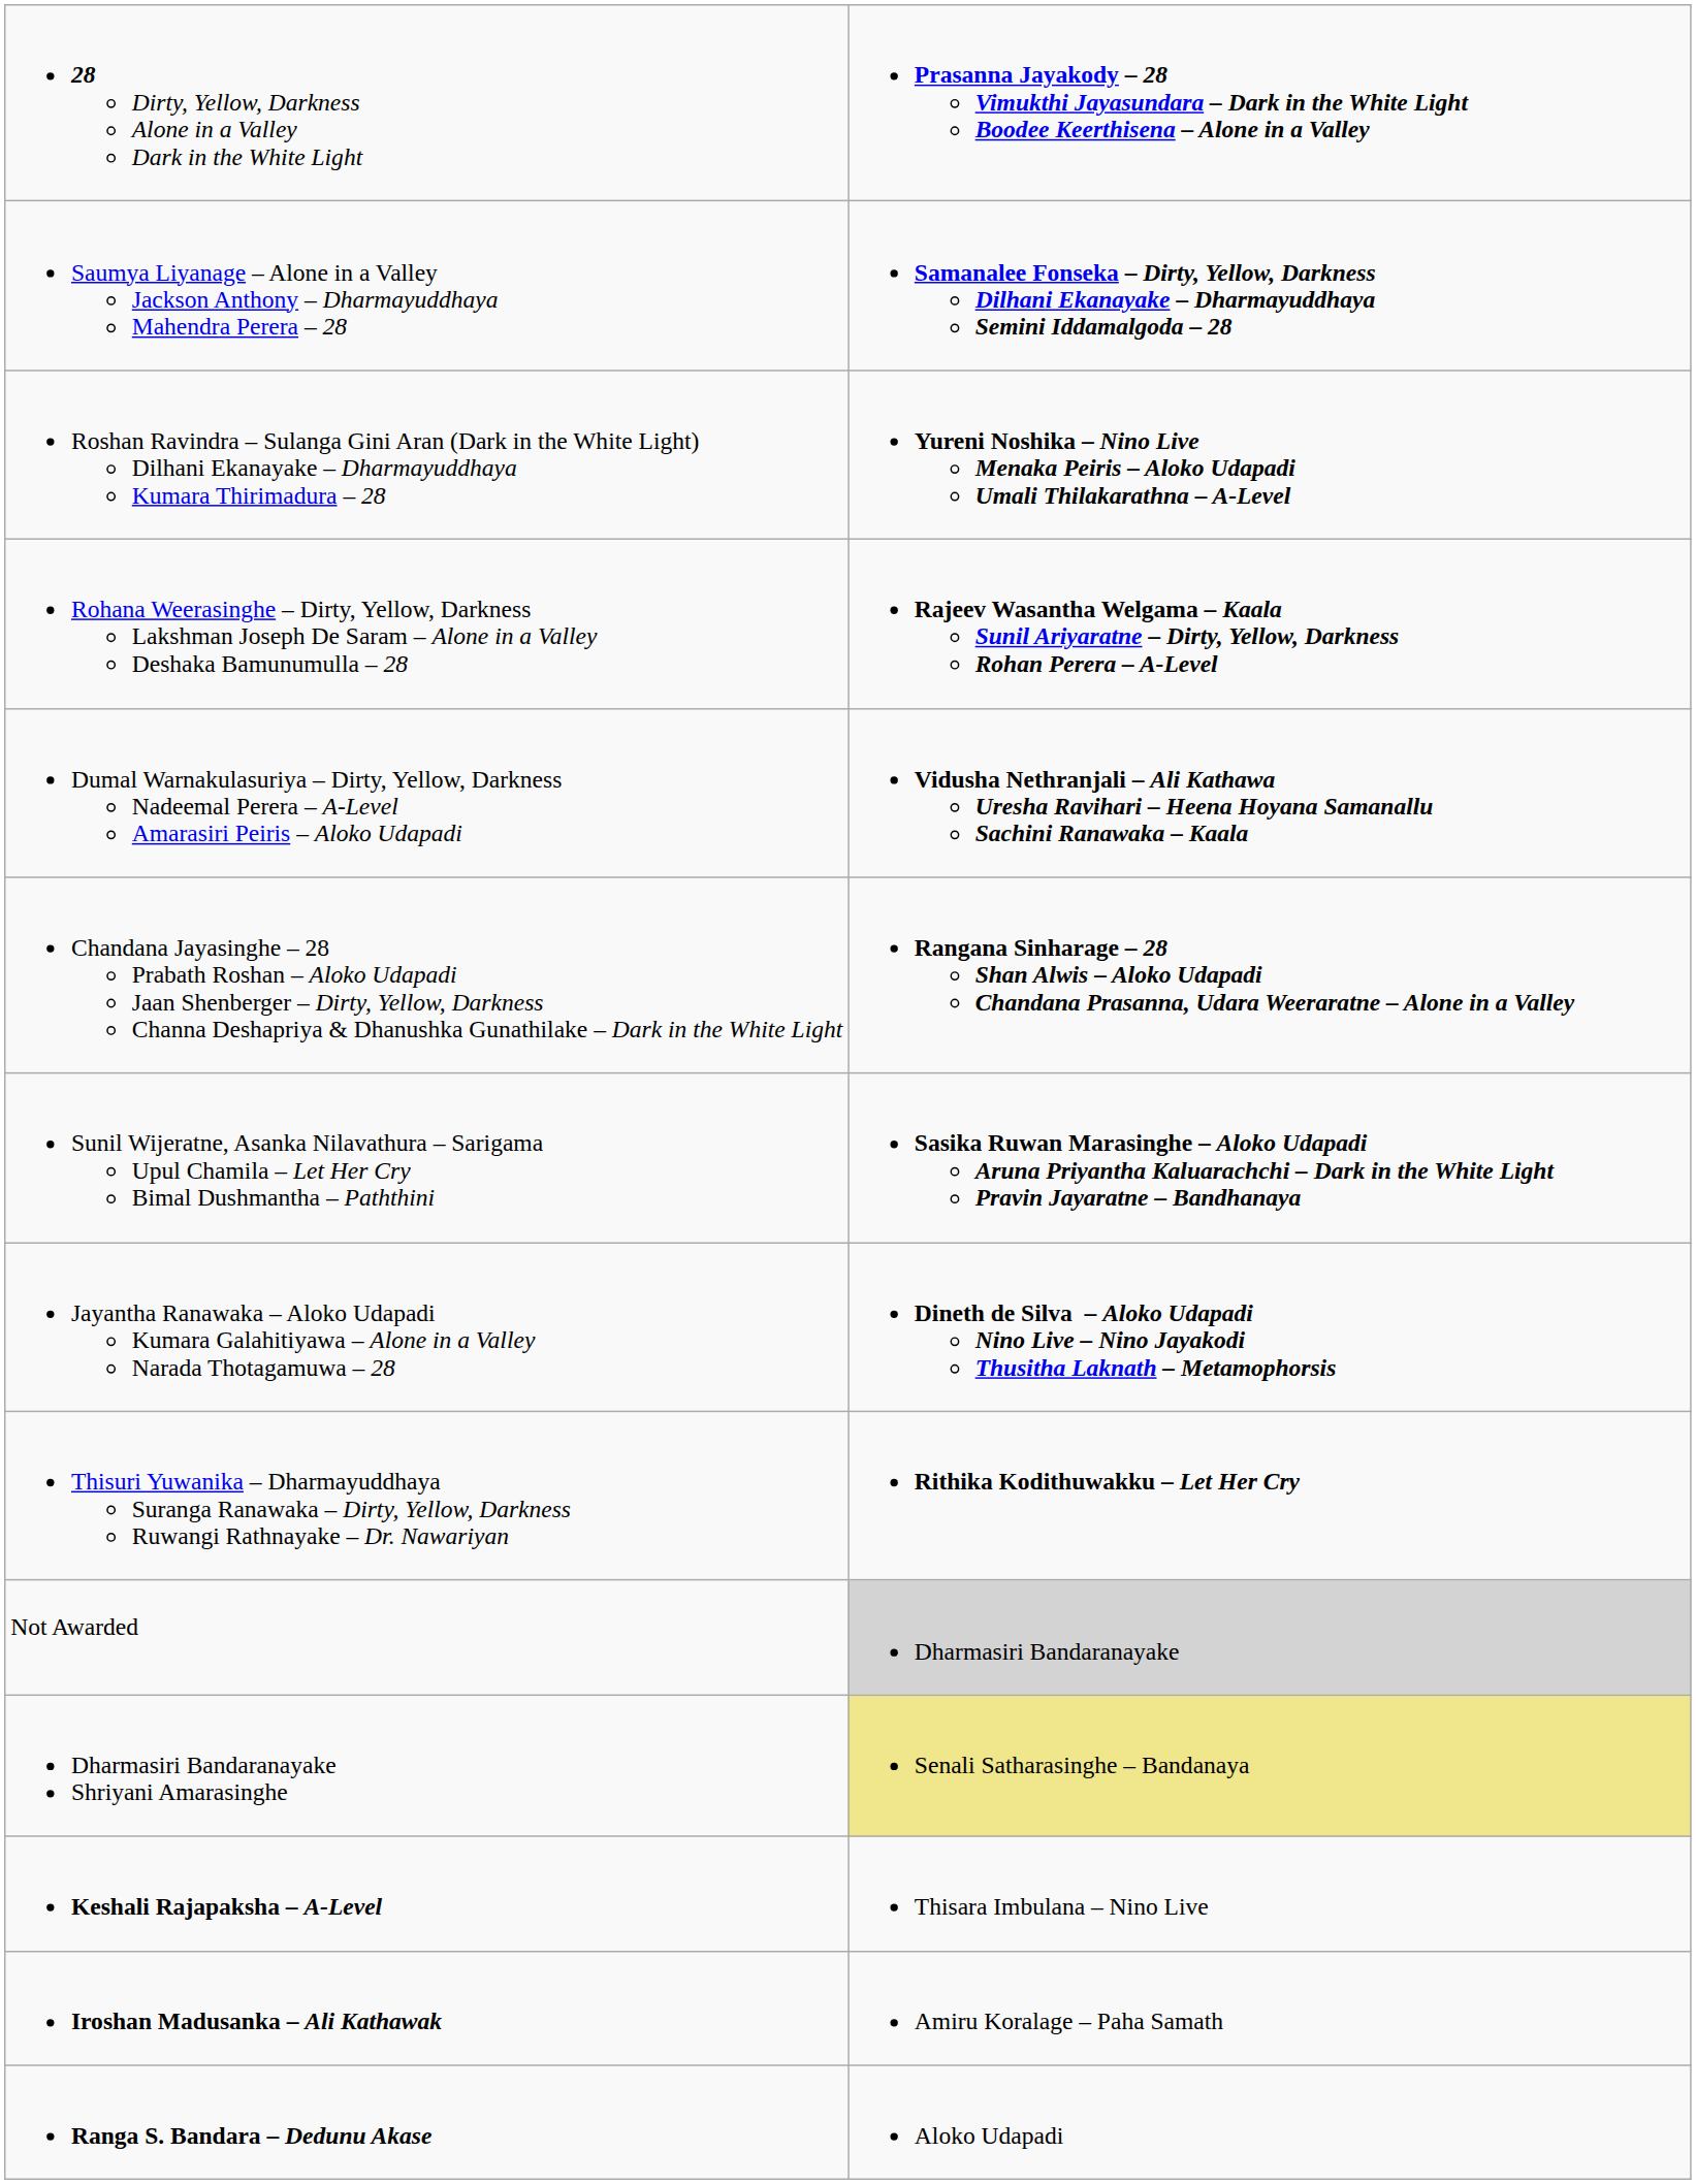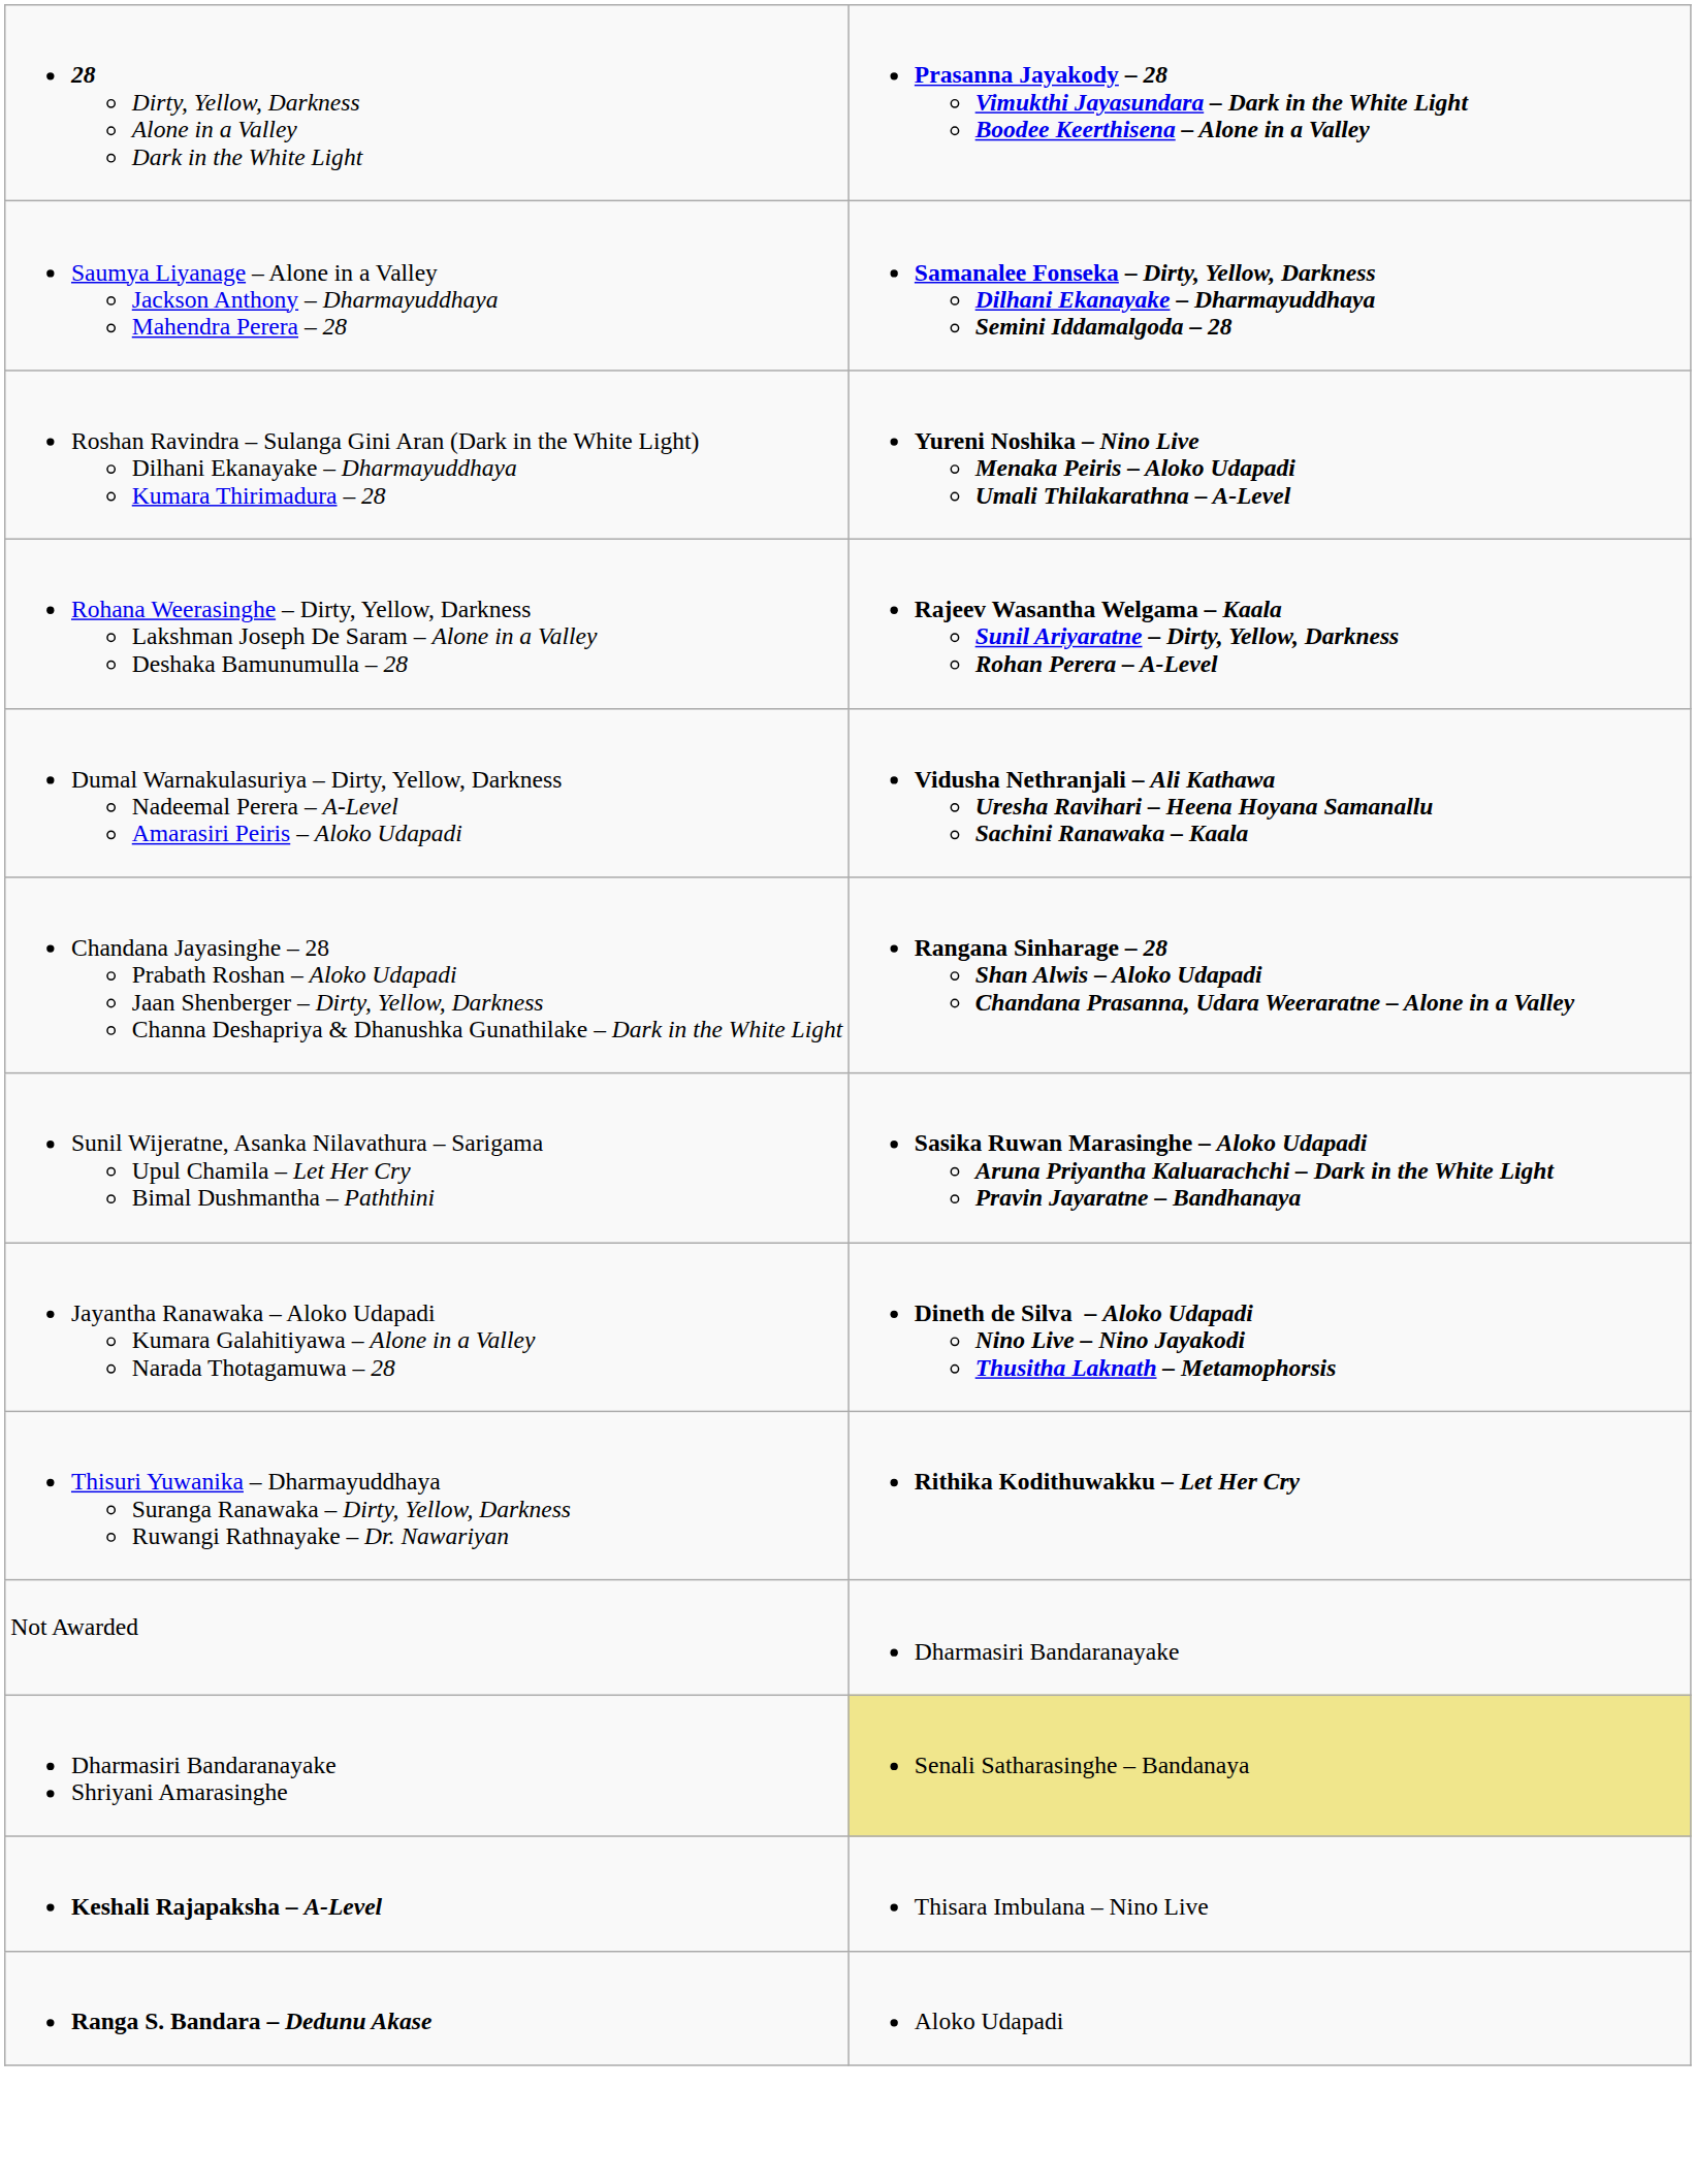 <table class=wikitable>
 <tr>
 <td style="vertical-align:top; width:50%;"><br><ul><li><strong><em>28</em></strong> <ul><li><em>Dirty, Yellow, Darkness</em> </li><li><em>Alone in a Valley</em> </li><li><em>Dark in the White Light</em> </li></ul></li></ul></td>
 <td style="vertical-align:top; width:50%;"><br><ul><li><strong><a href='#'>Prasanna Jayakody</a> – <em>28<strong><em><ul><li><a href='#'>Vimukthi Jayasundara</a> – </em>Dark in the White Light<em></li><li><a href='#'>Boodee Keerthisena</a> – </em>Alone in a Valley<em></li></ul></li></ul></td>
 </tr>
 <tr>
 <td style="vertical-align:top; width:50%;"><br><ul><li></strong><a href='#'>Saumya Liyanage</a> – </em>Alone in a Valley</em></strong><ul><li><a href='#'>Jackson Anthony</a> – <em>Dharmayuddhaya</em></li><li><a href='#'>Mahendra Perera</a> – <em>28</em></li></ul></li></ul></td>
 <td style="vertical-align:top; width:50%;"><br><ul><li><strong><a href='#'>Samanalee Fonseka</a> – <em>Dirty, Yellow, Darkness<strong><em><ul><li><a href='#'>Dilhani Ekanayake</a> – </em>Dharmayuddhaya<em></li><li>Semini Iddamalgoda – </em>28<em></li></ul></li></ul></td>
 </tr>
 <tr>
 <td style="vertical-align:top; width:50%;"><br><ul><li></strong>Roshan Ravindra – </em>Sulanga Gini Aran (Dark in the White Light)</em></strong><ul><li>Dilhani Ekanayake – <em>Dharmayuddhaya</em></li><li><a href='#'>Kumara Thirimadura</a> – <em>28</em></li></ul></li></ul></td>
 <td style="vertical-align:top; width:50%;"><br><ul><li><strong>Yureni Noshika – <em>Nino Live<strong><em><ul><li>Menaka Peiris – </em>Aloko Udapadi<em></li><li>Umali Thilakarathna – </em>A-Level<em></li></ul></li></ul></td>
 </tr>
 <tr>
 <td style="vertical-align:top; width:50%;"><br><ul><li></strong><a href='#'>Rohana Weerasinghe</a> – </em>Dirty, Yellow, Darkness</em></strong><ul><li>Lakshman Joseph De Saram – <em>Alone in a Valley</em></li><li>Deshaka Bamunumulla – <em>28</em></li></ul></li></ul></td>
 <td style="vertical-align:top; width:50%;"><br><ul><li><strong>Rajeev Wasantha Welgama – <em>Kaala<strong><em><ul><li><a href='#'>Sunil Ariyaratne</a> – </em>Dirty, Yellow, Darkness<em></li><li>Rohan Perera – </em>A-Level<em></li></ul></li></ul></td>
 </tr>
 <tr>
 <td style="vertical-align:top; width:50%;"><br><ul><li></strong>Dumal Warnakulasuriya – </em>Dirty, Yellow, Darkness</em></strong><ul><li>Nadeemal Perera – <em>A-Level</em></li><li><a href='#'>Amarasiri Peiris</a> – <em>Aloko Udapadi</em></li></ul></li></ul></td>
 <td style="vertical-align:top; width:50%;"><br><ul><li><strong>Vidusha Nethranjali – <em>Ali Kathawa<strong><em><ul><li>Uresha Ravihari – </em>Heena Hoyana Samanallu<em></li><li>Sachini Ranawaka – </em>Kaala<em></li></ul></li></ul></td>
 </tr>
 <tr>
 <td style="vertical-align:top; width:50%;"><br><ul><li></strong>Chandana Jayasinghe – </em>28</em></strong><ul><li>Prabath Roshan – <em>Aloko Udapadi</em></li><li>Jaan Shenberger – <em>Dirty, Yellow, Darkness</em></li><li>Channa Deshapriya & Dhanushka Gunathilake – <em>Dark in the White Light</em></li></ul></li></ul></td>
 <td style="vertical-align:top; width:50%;"><br><ul><li><strong>Rangana Sinharage – <em>28<strong><em><ul><li>Shan Alwis – </em>Aloko Udapadi<em></li><li>Chandana Prasanna, Udara Weeraratne – </em>Alone in a Valley<em></li></ul></li></ul></td>
 </tr>
 <tr>
 <td style="vertical-align:top; width:50%;"><br><ul><li></strong>Sunil Wijeratne, Asanka Nilavathura – </em>Sarigama</em></strong><ul><li>Upul Chamila – <em>Let Her Cry</em></li><li>Bimal Dushmantha – <em>Paththini</em></li></ul></li></ul></td>
 <td style="vertical-align:top; width:50%;"><br><ul><li><strong>Sasika Ruwan Marasinghe – <em>Aloko Udapadi<strong><em><ul><li>Aruna Priyantha Kaluarachchi – </em>Dark in the White Light<em></li><li>Pravin Jayaratne – </em>Bandhanaya<em></li></ul></li></ul></td>
 </tr>
 <tr>
 <td style="vertical-align:top; width:50%;"><br><ul><li></strong>Jayantha Ranawaka – </em>Aloko Udapadi</em></strong><ul><li>Kumara Galahitiyawa – <em>Alone in a Valley</em></li><li>Narada Thotagamuwa – <em>28</em></li></ul></li></ul></td>
 <td style="vertical-align:top; width:50%;"><br><ul><li><strong>Dineth de Silva  – <em>Aloko Udapadi<strong><em><ul><li>Nino Live – </em>Nino Jayakodi<em></li><li><a href='#'>Thusitha Laknath</a> – </em>Metamophorsis<em></li></ul></li></ul></td>
 </tr>
 <tr>
 <td style="vertical-align:top; width:50%;"><br><ul><li></strong><a href='#'>Thisuri Yuwanika</a> – </em>Dharmayuddhaya</em></strong><ul><li>Suranga Ranawaka – <em>Dirty, Yellow, Darkness</em></li><li>Ruwangi Rathnayake – <em>Dr. Nawariyan</em></li></ul></li></ul></td>
 <td style="vertical-align:top; width:50%;"><br><ul><li><strong>Rithika Kodithuwakku – <em>Let Her Cry<strong><em></li></ul></td>
 </tr>
 <tr>
 <td style="vertical-align:top; width:50%;"><br> Not Awarded</td>
-<td style="background: lightgrey; vertical-align:top; width:50%;"><br><ul><li></strong>Dharmasiri Bandaranayake<strong></li></ul></td>
+<td style="vertical-align:top; width:50%;"><br><ul><li></strong>Dharmasiri Bandaranayake<strong></li></ul></td>
 </tr>
 <tr>
 <td style="vertical-align:top; width:50%;"><br><ul><li></strong>Dharmasiri Bandaranayake<strong></li><li></strong>Shriyani Amarasinghe<strong></li></ul></td>
 <td style="background: khaki; vertical-align:top; width:50%;"><br><ul><li></strong>Senali Satharasinghe – </em>Bandanaya</em></strong></li></ul></td>
 </tr>
 <tr>
 <td style="vertical-align:top; width:50%;"><br><ul><li><strong>Keshali Rajapaksha – <em>A-Level<strong><em></li></ul></td>
 <td style="vertical-align:top; width:50%;"><br><ul><li></strong>Thisara Imbulana – </em>Nino Live</em></strong></li></ul></td>
 </tr>
 <tr>
-<td style="vertical-align:top; width:50%;"><br><ul><li><strong>Iroshan Madusanka – <em>Ali Kathawak<strong><em></li></ul></td>
-<td style="vertical-align:top; width:50%;"><br><ul><li></strong>Amiru Koralage – </em>Paha Samath</em></strong></li></ul></td>
-</tr>
-<tr>
 <td style="vertical-align:top; width:50%;"><br><ul><li><strong>Ranga S. Bandara – <em>Dedunu Akase<strong><em></li></ul></td>
 <td style="vertical-align:top; width:50%;"><br><ul><li></strong>Aloko Udapadi<strong></li></ul></td>
 </tr>
 </table>
